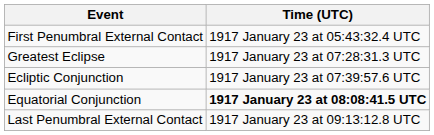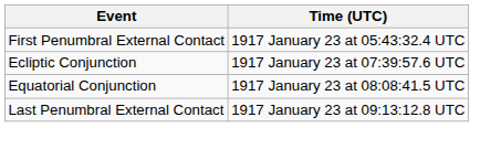 <table class="wikitable">
 <tr>
 <th>Event</th>
 <th>Time (UTC)</th>
 </tr>
 <tr>
 <td>First Penumbral External Contact</td>
 <td>1917 January 23 at 05:43:32.4 UTC</td>
 </tr>
 <tr>
-<td>Greatest Eclipse</td>
-<td>1917 January 23 at 07:28:31.3 UTC</td>
-</tr>
-<tr>
 <td>Ecliptic Conjunction</td>
 <td>1917 January 23 at 07:39:57.6 UTC</td>
 </tr>
 <tr>
 <td>Equatorial Conjunction</td>
-<td><strong>1917 January 23 at 08:08:41.5 UTC</strong></td>
+<td>1917 January 23 at 08:08:41.5 UTC</td>
 </tr>
 <tr>
 <td>Last Penumbral External Contact</td>
 <td>1917 January 23 at 09:13:12.8 UTC</td>
 </tr>
 </table>
